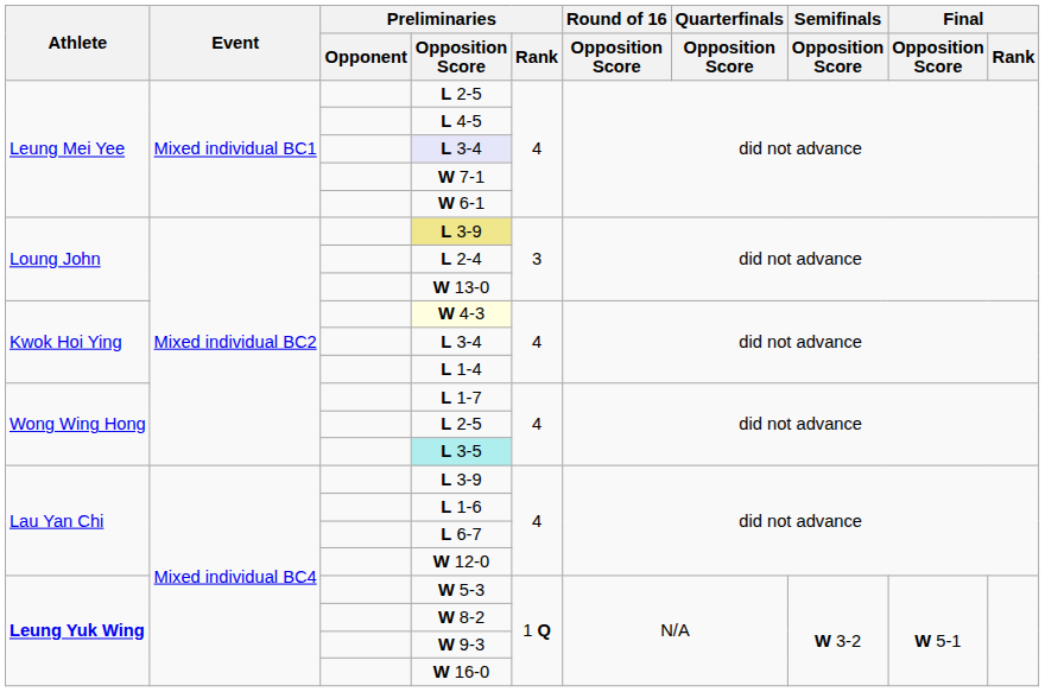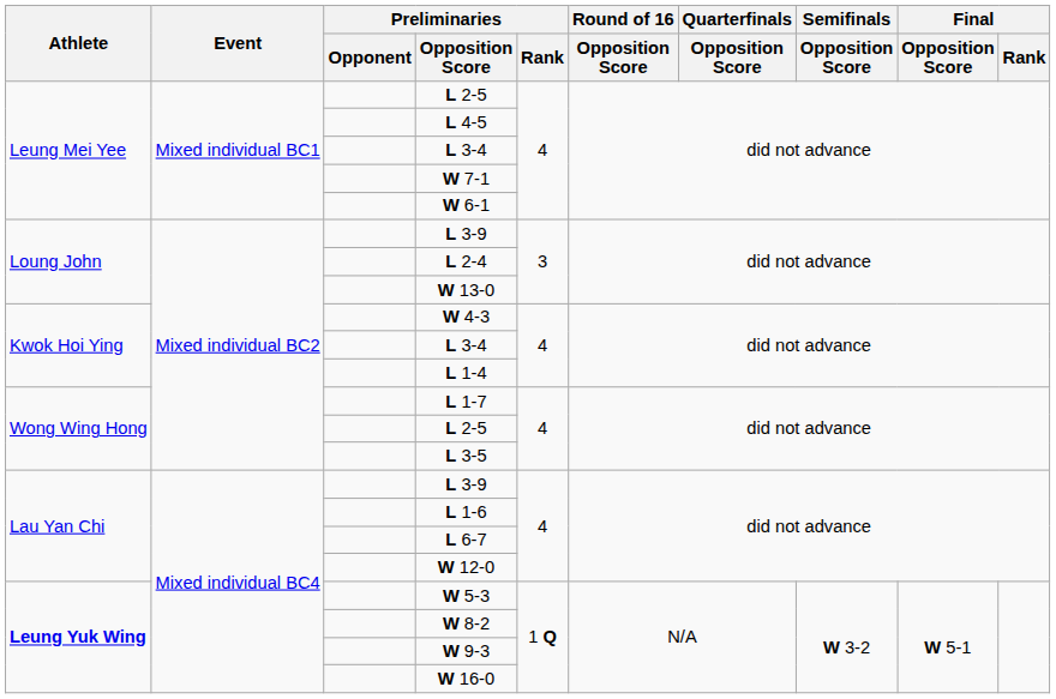 <table class=wikitable style="font-size:90%">
 <tr>
 <th rowspan="2">Athlete</th>
 <th rowspan="2">Event</th>
 <th colspan="3">Preliminaries</th>
 <th>Round of 16</th>
 <th>Quarterfinals</th>
 <th>Semifinals</th>
 <th colspan="2">Final</th>
 </tr>
 <tr>
 <th>Opponent</th>
 <th>Opposition<br>Score</th>
 <th>Rank</th>
 <th>Opposition<br>Score</th>
 <th>Opposition<br>Score</th>
 <th>Opposition<br>Score</th>
 <th>Opposition<br>Score</th>
 <th>Rank</th>
 </tr>
 <tr>
 <td rowspan="5"><a href='#'>Leung Mei Yee</a></td>
 <td rowspan="5"><a href='#'>Mixed individual BC1</a></td>
 <td align="left"></td>
 <td align="center"><strong>L</strong> 2-5</td>
 <td align="center" rowspan="5">4</td>
 <td align="center" rowspan="5" colspan="5">did not advance</td>
 </tr>
 <tr>
 <td align="left"></td>
 <td align="center"><strong>L</strong> 4-5</td>
 </tr>
 <tr>
 <td align="left"></td>
-<td align="center" style="background: lavender;"><strong>L</strong> 3-4</td>
+<td align="center"><strong>L</strong> 3-4</td>
 </tr>
 <tr>
 <td align="left"></td>
 <td align="center"><strong>W</strong> 7-1</td>
 </tr>
 <tr>
 <td align="left"></td>
 <td align="center"><strong>W</strong> 6-1</td>
 </tr>
 <tr>
 <td rowspan="3"><a href='#'>Loung John</a></td>
 <td rowspan="9"><a href='#'>Mixed individual BC2</a></td>
 <td align="left"></td>
-<td align="center" style="background: khaki;"><strong>L</strong> 3-9</td>
+<td align="center"><strong>L</strong> 3-9</td>
 <td align="center" rowspan="3">3</td>
 <td align="center" rowspan="3" colspan="5">did not advance</td>
 </tr>
 <tr>
 <td align="left"></td>
 <td align="center"><strong>L</strong> 2-4</td>
 </tr>
 <tr>
 <td align="left"></td>
 <td align="center"><strong>W</strong> 13-0</td>
 </tr>
 <tr>
 <td rowspan="3"><a href='#'>Kwok Hoi Ying</a></td>
 <td align="left"></td>
-<td align="center" style="background: lightyellow;"><strong>W</strong> 4-3</td>
+<td align="center"><strong>W</strong> 4-3</td>
 <td align="center" rowspan="3">4</td>
 <td align="center" rowspan="3" colspan="5">did not advance</td>
 </tr>
 <tr>
 <td align="left"></td>
 <td align="center"><strong>L</strong> 3-4</td>
 </tr>
 <tr>
 <td align="left"></td>
 <td align="center"><strong>L</strong> 1-4</td>
 </tr>
 <tr>
 <td rowspan="3"><a href='#'>Wong Wing Hong</a></td>
 <td align="left"></td>
 <td align="center"><strong>L</strong> 1-7</td>
 <td align="center" rowspan="3">4</td>
 <td align="center" rowspan="3" colspan="5">did not advance</td>
 </tr>
 <tr>
 <td align="left"></td>
 <td align="center"><strong>L</strong> 2-5</td>
 </tr>
 <tr>
 <td align="left"></td>
-<td align="center" style="background: paleturquoise;"><strong>L</strong> 3-5</td>
+<td align="center"><strong>L</strong> 3-5</td>
 </tr>
 <tr>
 <td rowspan="4"><a href='#'>Lau Yan Chi</a></td>
 <td rowspan="8"><a href='#'>Mixed individual BC4</a></td>
 <td align="left"></td>
 <td align="center"><strong>L</strong> 3-9</td>
 <td align="center" rowspan="4">4</td>
 <td align="center" rowspan="4" colspan="5">did not advance</td>
 </tr>
 <tr>
 <td align="left"></td>
 <td align="center"><strong>L</strong> 1-6</td>
 </tr>
 <tr>
 <td align="left"></td>
 <td align="center"><strong>L</strong> 6-7</td>
 </tr>
 <tr>
 <td align="left"></td>
 <td align="center"><strong>W</strong> 12-0</td>
 </tr>
 <tr>
 <td rowspan="4"><strong><a href='#'>Leung Yuk Wing</a></strong></td>
 <td align="left"></td>
 <td align="center"><strong>W</strong> 5-3</td>
 <td align="center" rowspan="4">1 <strong>Q</strong></td>
 <td align="center" rowspan="4" colspan="2">N/A</td>
 <td align="center" rowspan="4"><br><strong>W</strong> 3-2</td>
 <td align="center" rowspan="4"><br><strong>W</strong> 5-1</td>
 <td align="center" rowspan="4"></td>
 </tr>
 <tr>
 <td align="left"></td>
 <td align="center"><strong>W</strong> 8-2</td>
 </tr>
 <tr>
 <td align="left"></td>
 <td align="center"><strong>W</strong> 9-3</td>
 </tr>
 <tr>
 <td align="left"></td>
 <td align="center"><strong>W</strong> 16-0</td>
 </tr>
 </table>
